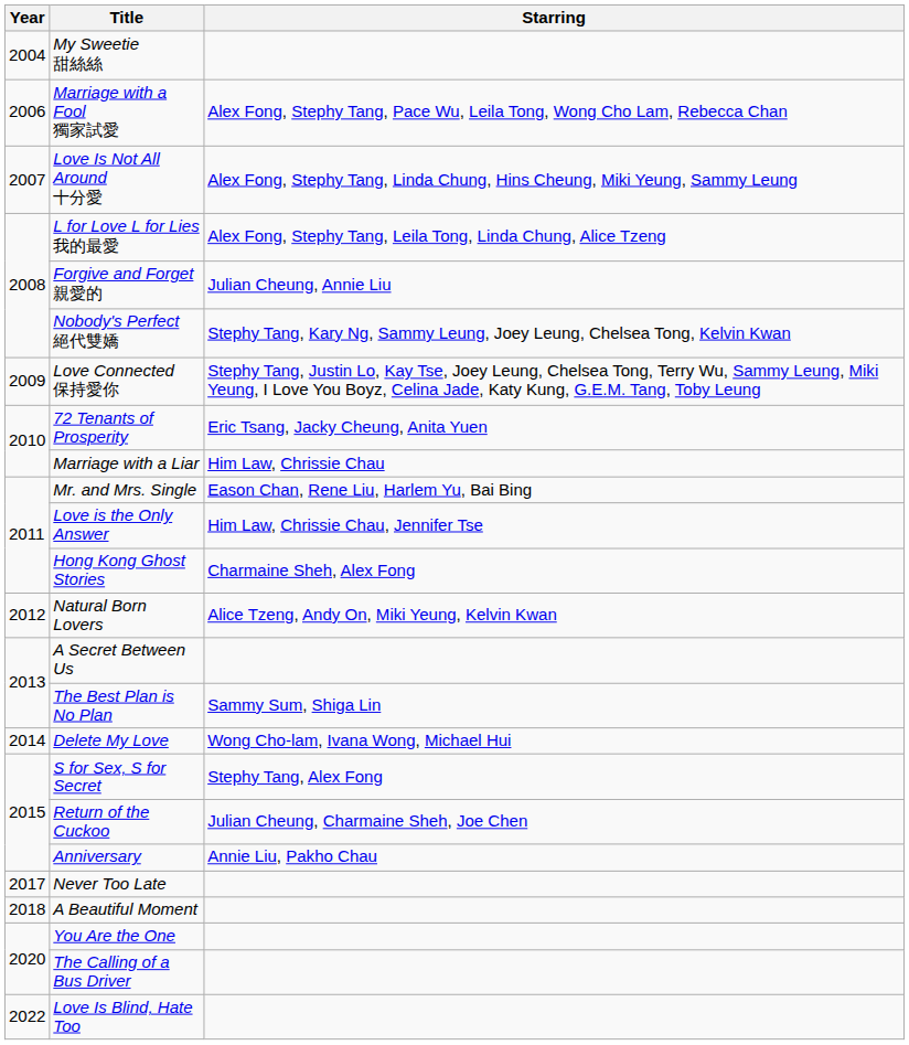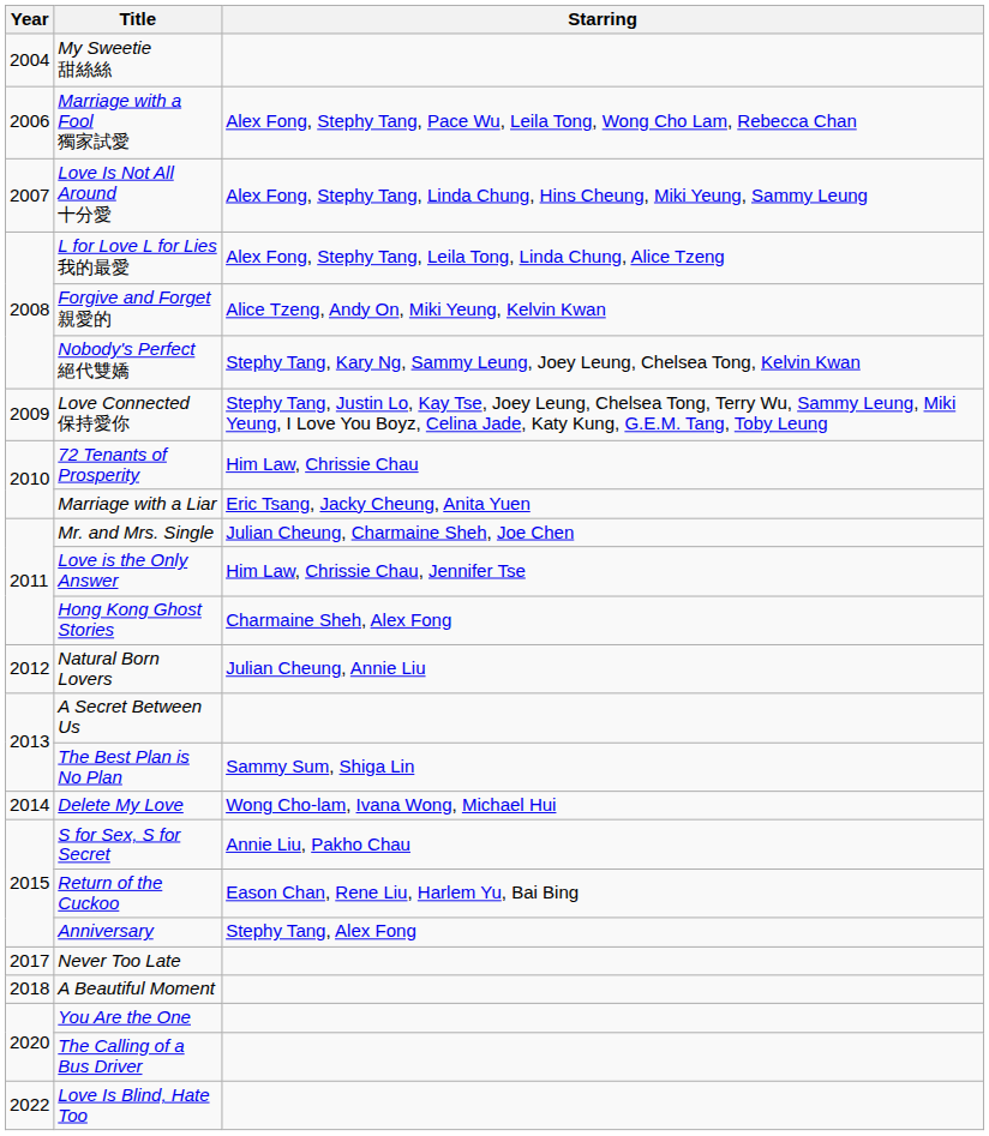 <table class="wikitable">
 <tr>
 <th>Year</th>
 <th>Title</th>
 <th>Starring</th>
 </tr>
 <tr>
 <td>2004</td>
 <td><em>My Sweetie</em><br>甜絲絲</td>
 <td></td>
 </tr>
 <tr>
 <td>2006</td>
 <td><em><a href='#'>Marriage with a Fool</a></em><br>獨家試愛</td>
 <td><a href='#'>Alex Fong</a>, <a href='#'>Stephy Tang</a>, <a href='#'>Pace Wu</a>, <a href='#'>Leila Tong</a>, <a href='#'>Wong Cho Lam</a>, <a href='#'>Rebecca Chan</a></td>
 </tr>
 <tr>
 <td>2007</td>
 <td><em><a href='#'>Love Is Not All Around</a></em><br>十分愛</td>
 <td><a href='#'>Alex Fong</a>, <a href='#'>Stephy Tang</a>, <a href='#'>Linda Chung</a>, <a href='#'>Hins Cheung</a>, <a href='#'>Miki Yeung</a>, <a href='#'>Sammy Leung</a></td>
 </tr>
 <tr>
 <td rowspan="3">2008</td>
 <td><em><a href='#'>L for Love L for Lies</a></em><br>我的最愛</td>
 <td><a href='#'>Alex Fong</a>, <a href='#'>Stephy Tang</a>, <a href='#'>Leila Tong</a>, <a href='#'>Linda Chung</a>, <a href='#'>Alice Tzeng</a></td>
 </tr>
 <tr>
 <td><em><a href='#'>Forgive and Forget</a></em><br>親愛的</td>
-<td><a href='#'>Julian Cheung</a>, <a href='#'>Annie Liu</a></td>
+<td><a href='#'>Alice Tzeng</a>, <a href='#'>Andy On</a>, <a href='#'>Miki Yeung</a>, <a href='#'>Kelvin Kwan</a></td>
 </tr>
 <tr>
 <td><em><a href='#'>Nobody's Perfect</a></em><br>絕代雙嬌</td>
 <td><a href='#'>Stephy Tang</a>, <a href='#'>Kary Ng</a>, <a href='#'>Sammy Leung</a>, Joey Leung, Chelsea Tong, <a href='#'>Kelvin Kwan</a></td>
 </tr>
 <tr>
 <td>2009</td>
 <td><em>Love Connected</em><br>保持愛你</td>
 <td><a href='#'>Stephy Tang</a>, <a href='#'>Justin Lo</a>, <a href='#'>Kay Tse</a>, Joey Leung, Chelsea Tong, Terry Wu, <a href='#'>Sammy Leung</a>, <a href='#'>Miki Yeung</a>, I Love You Boyz, <a href='#'>Celina Jade</a>, Katy Kung, <a href='#'>G.E.M. Tang</a>, <a href='#'>Toby Leung</a></td>
 </tr>
 <tr>
 <td rowspan=2>2010</td>
 <td><em><a href='#'>72 Tenants of Prosperity</a></em></td>
-<td><a href='#'>Eric Tsang</a>, <a href='#'>Jacky Cheung</a>, <a href='#'>Anita Yuen</a></td>
+<td><a href='#'>Him Law</a>, <a href='#'>Chrissie Chau</a></td>
 </tr>
 <tr>
 <td><em>Marriage with a Liar</em></td>
-<td><a href='#'>Him Law</a>, <a href='#'>Chrissie Chau</a></td>
+<td><a href='#'>Eric Tsang</a>, <a href='#'>Jacky Cheung</a>, <a href='#'>Anita Yuen</a></td>
 </tr>
 <tr>
 <td rowspan=3>2011</td>
 <td><em>Mr. and Mrs. Single</em></td>
-<td><a href='#'>Eason Chan</a>, <a href='#'>Rene Liu</a>, <a href='#'>Harlem Yu</a>, Bai Bing</td>
+<td><a href='#'>Julian Cheung</a>, <a href='#'>Charmaine Sheh</a>, <a href='#'>Joe Chen</a></td>
 </tr>
 <tr>
 <td><em><a href='#'>Love is the Only Answer</a></em></td>
 <td><a href='#'>Him Law</a>, <a href='#'>Chrissie Chau</a>, <a href='#'>Jennifer Tse</a></td>
 </tr>
 <tr>
 <td><em><a href='#'>Hong Kong Ghost Stories</a></em></td>
 <td><a href='#'>Charmaine Sheh</a>, <a href='#'>Alex Fong</a></td>
 </tr>
 <tr>
 <td>2012</td>
 <td><em>Natural Born Lovers</em></td>
-<td><a href='#'>Alice Tzeng</a>, <a href='#'>Andy On</a>, <a href='#'>Miki Yeung</a>, <a href='#'>Kelvin Kwan</a></td>
+<td><a href='#'>Julian Cheung</a>, <a href='#'>Annie Liu</a></td>
 </tr>
 <tr>
 <td rowspan=2>2013</td>
 <td><em>A Secret Between Us</em></td>
 <td></td>
 </tr>
 <tr>
 <td><em><a href='#'>The Best Plan is No Plan</a></em></td>
 <td><a href='#'>Sammy Sum</a>, <a href='#'>Shiga Lin</a></td>
 </tr>
 <tr>
 <td>2014</td>
 <td><em><a href='#'>Delete My Love</a></em></td>
 <td><a href='#'>Wong Cho-lam</a>, <a href='#'>Ivana Wong</a>, <a href='#'>Michael Hui</a></td>
 </tr>
 <tr>
 <td rowspan=3>2015</td>
 <td><em><a href='#'>S for Sex, S for Secret</a></em></td>
-<td><a href='#'>Stephy Tang</a>, <a href='#'>Alex Fong</a></td>
+<td><a href='#'>Annie Liu</a>, <a href='#'>Pakho Chau</a></td>
 </tr>
 <tr>
 <td><em><a href='#'>Return of the Cuckoo</a></em></td>
-<td><a href='#'>Julian Cheung</a>, <a href='#'>Charmaine Sheh</a>, <a href='#'>Joe Chen</a></td>
+<td><a href='#'>Eason Chan</a>, <a href='#'>Rene Liu</a>, <a href='#'>Harlem Yu</a>, Bai Bing</td>
 </tr>
 <tr>
 <td><em><a href='#'>Anniversary</a></em></td>
-<td><a href='#'>Annie Liu</a>, <a href='#'>Pakho Chau</a></td>
+<td><a href='#'>Stephy Tang</a>, <a href='#'>Alex Fong</a></td>
 </tr>
 <tr>
 <td>2017</td>
 <td><em>Never Too Late</em></td>
 <td></td>
 </tr>
 <tr>
 <td>2018</td>
 <td><em>A Beautiful Moment</em></td>
 <td></td>
 </tr>
 <tr>
 <td rowspan=2>2020</td>
 <td><em><a href='#'>You Are the One</a></em></td>
 <td></td>
 </tr>
 <tr>
 <td><em><a href='#'>The Calling of a Bus Driver</a></em></td>
 <td></td>
 </tr>
 <tr>
 <td>2022</td>
 <td><em><a href='#'>Love Is Blind, Hate Too</a></em></td>
 <td></td>
 </tr>
 </table>
